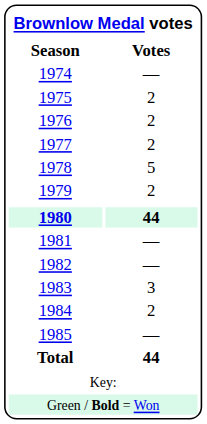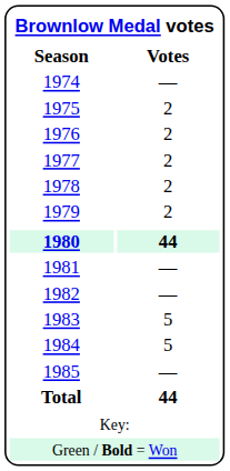 <table style="margin-right:4px; margin-top:8px; float:right; border:1px #000 solid; border-radius:8px; background:#fff; font-family:Verdana; font-size:8pt; text-align:center;">
 <tr style="background:#fff;">
 <td colspan="2;" style="padding:3px; margin-bottom:-3px; margin-top:2px; font-family:Arial; "><strong><a href='#'>Brownlow Medal</a> votes</strong></td>
 </tr>
 <tr>
 <th style="width:50%;">Season</th>
 <th style="width:50%;">Votes</th>
 </tr>
 <tr>
 <td><a href='#'>1974</a></td>
 <td>—</td>
 </tr>
 <tr>
 <td><a href='#'>1975</a></td>
 <td>2</td>
 </tr>
 <tr>
 <td><a href='#'>1976</a></td>
 <td>2</td>
 </tr>
 <tr>
 <td><a href='#'>1977</a></td>
 <td>2</td>
 </tr>
 <tr>
 <td><a href='#'>1978</a></td>
-<td>5</td>
+<td>2</td>
 </tr>
 <tr>
 <td><a href='#'>1979</a></td>
 <td>2</td>
 </tr>
 <tr>
 </tr>
 <tr style="background:#D9F9E9;">
 <td><strong><a href='#'>1980</a></strong></td>
 <td><strong>44</strong></td>
 </tr>
 <tr>
 <td><a href='#'>1981</a></td>
 <td>—</td>
 </tr>
 <tr>
 <td><a href='#'>1982</a></td>
 <td>—</td>
 </tr>
 <tr>
 <td><a href='#'>1983</a></td>
-<td>3</td>
+<td>5</td>
 </tr>
 <tr>
 <td><a href='#'>1984</a></td>
-<td>2</td>
+<td>5</td>
 </tr>
 <tr>
 <td><a href='#'>1985</a></td>
 <td>—</td>
 </tr>
 <tr>
 <td><strong>Total</strong></td>
 <td><strong>44</strong></td>
 </tr>
 <tr>
 <td colspan=2><small>Key:</small></td>
 </tr>
 <tr style="background:#d9f9e9; border:1px solid #aaa; width:2em;">
 <td colspan=2><small>Green / <strong>Bold</strong> = <a href='#'>Won</a></small></td>
 </tr>
 </table>
